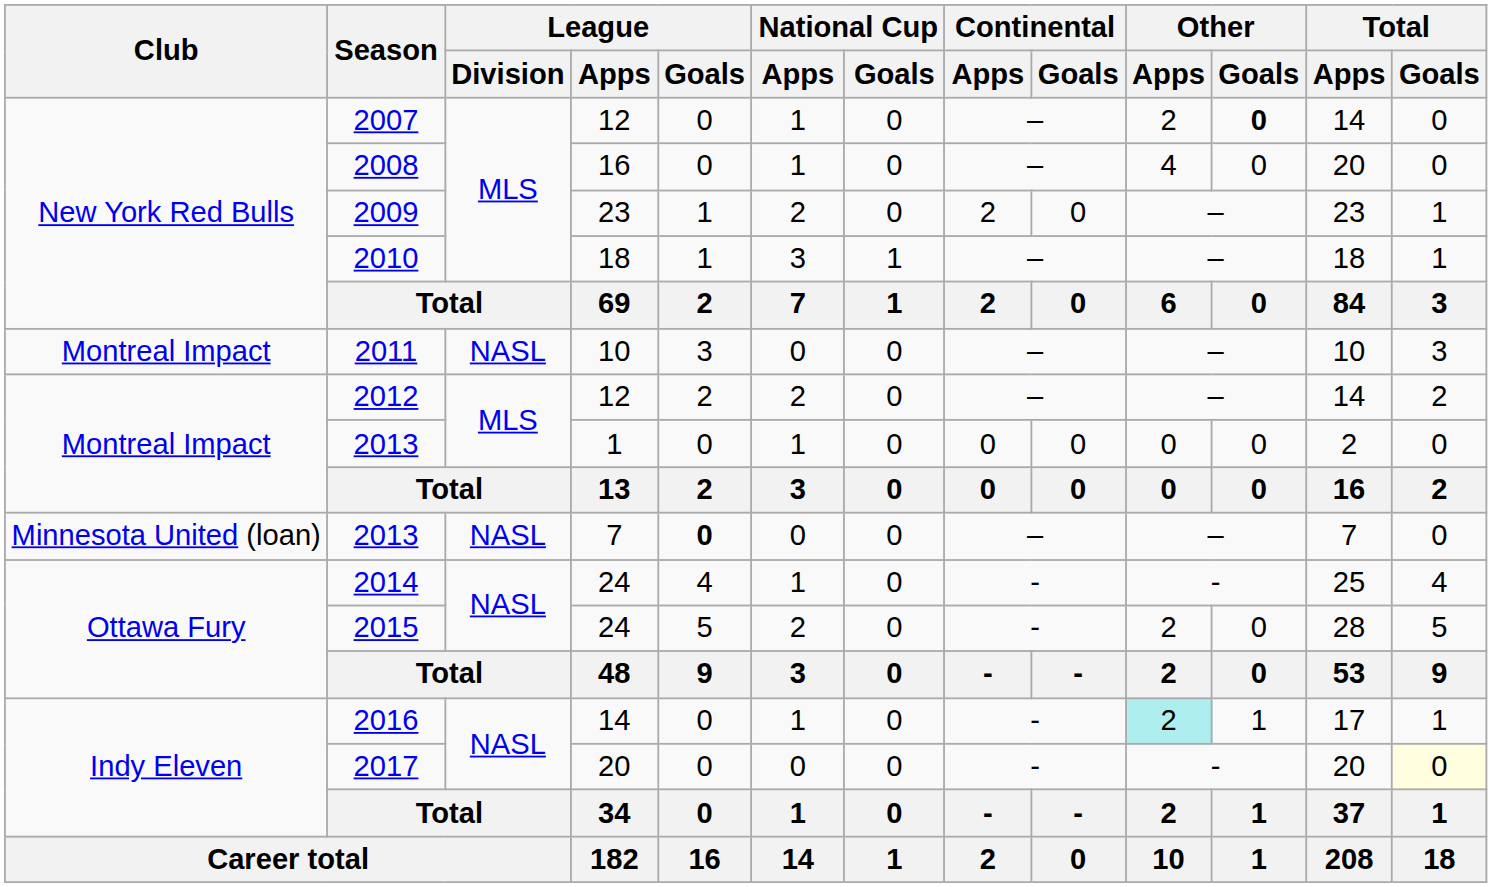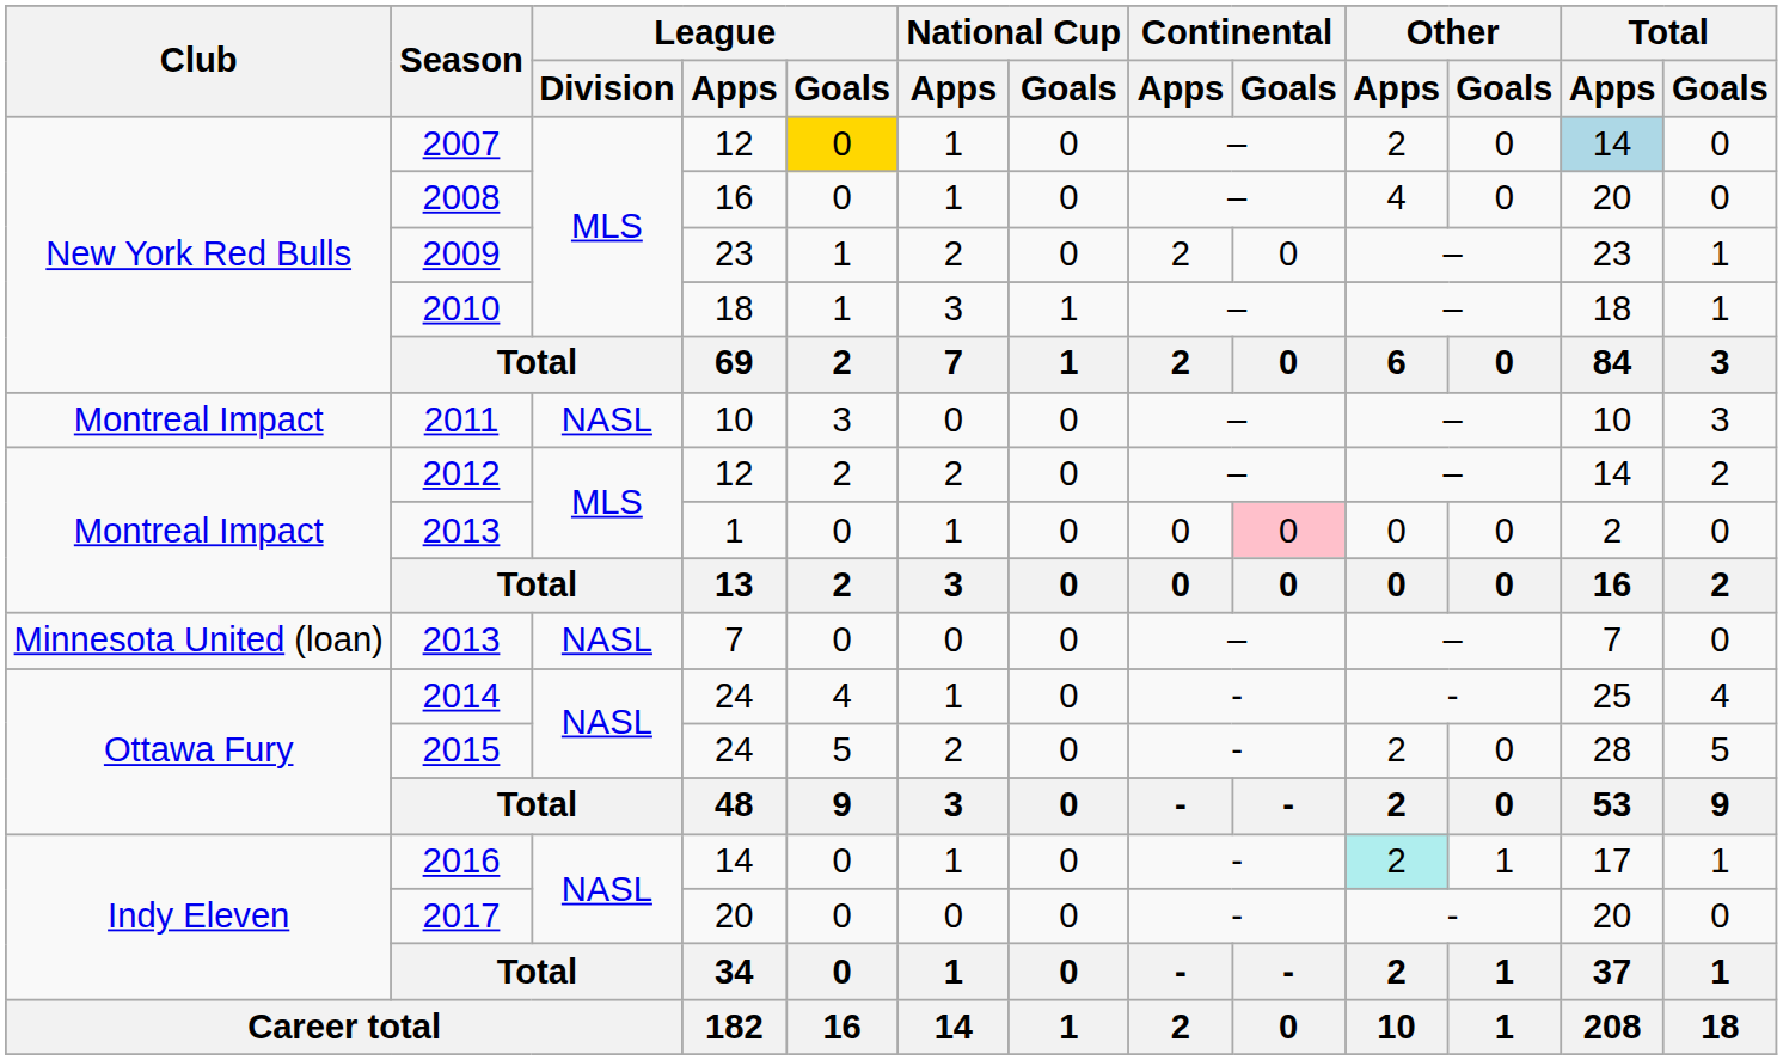 <table class="wikitable" style="text-align: center;">
 <tr>
 <th rowspan="2">Club</th>
 <th rowspan="2">Season</th>
 <th colspan="3">League</th>
 <th colspan="2">National Cup</th>
 <th colspan="2">Continental</th>
 <th colspan="2">Other</th>
 <th colspan="2">Total</th>
 </tr>
 <tr>
 <th>Division</th>
 <th>Apps</th>
 <th>Goals</th>
 <th>Apps</th>
 <th>Goals</th>
 <th>Apps</th>
 <th>Goals</th>
 <th>Apps</th>
 <th>Goals</th>
 <th>Apps</th>
 <th>Goals</th>
 </tr>
 <tr>
 <td rowspan="5" valign="center"><a href='#'>New York Red Bulls</a></td>
 <td><a href='#'>2007</a></td>
 <td rowspan="4" valign="center"><a href='#'>MLS</a></td>
 <td>12</td>
-<td>0</td>
+<td style="background: gold;">0</td>
 <td>1</td>
 <td>0</td>
 <td colspan="2">–</td>
 <td>2</td>
-<td><strong>0</strong></td>
-<td>14</td>
+<td>0</td>
+<td style="background: lightblue;">14</td>
 <td>0</td>
 </tr>
 <tr>
 <td><a href='#'>2008</a></td>
 <td>16</td>
 <td>0</td>
 <td>1</td>
 <td>0</td>
 <td colspan="2">–</td>
 <td>4</td>
 <td>0</td>
 <td>20</td>
 <td>0</td>
 </tr>
 <tr>
 <td><a href='#'>2009</a></td>
 <td>23</td>
 <td>1</td>
 <td>2</td>
 <td>0</td>
 <td>2</td>
 <td>0</td>
 <td colspan="2">–</td>
 <td>23</td>
 <td>1</td>
 </tr>
 <tr>
 <td><a href='#'>2010</a></td>
 <td>18</td>
 <td>1</td>
 <td>3</td>
 <td>1</td>
 <td colspan="2">–</td>
 <td colspan="2">–</td>
 <td>18</td>
 <td>1</td>
 </tr>
 <tr>
 <th colspan="2">Total</th>
 <th>69</th>
 <th>2</th>
 <th>7</th>
 <th>1</th>
 <th>2</th>
 <th>0</th>
 <th>6</th>
 <th>0</th>
 <th>84</th>
 <th>3</th>
 </tr>
 <tr>
 <td valign="center"><a href='#'>Montreal Impact</a></td>
 <td><a href='#'>2011</a></td>
 <td><a href='#'>NASL</a></td>
 <td>10</td>
 <td>3</td>
 <td>0</td>
 <td>0</td>
 <td colspan="2">–</td>
 <td colspan="2">–</td>
 <td>10</td>
 <td>3</td>
 </tr>
 <tr>
 <td rowspan="3" valign="center"><a href='#'>Montreal Impact</a></td>
 <td><a href='#'>2012</a></td>
 <td rowspan="2" valign="center"><a href='#'>MLS</a></td>
 <td>12</td>
 <td>2</td>
 <td>2</td>
 <td>0</td>
 <td colspan="2">–</td>
 <td colspan="2">–</td>
 <td>14</td>
 <td>2</td>
 </tr>
 <tr>
 <td><a href='#'>2013</a></td>
 <td>1</td>
 <td>0</td>
 <td>1</td>
 <td>0</td>
 <td>0</td>
-<td>0</td>
+<td style="background: pink;">0</td>
 <td>0</td>
 <td>0</td>
 <td>2</td>
 <td>0</td>
 </tr>
 <tr>
 <th colspan="2">Total</th>
 <th>13</th>
 <th>2</th>
 <th>3</th>
 <th>0</th>
 <th>0</th>
 <th>0</th>
 <th>0</th>
 <th>0</th>
 <th>16</th>
 <th>2</th>
 </tr>
 <tr>
 <td valign="center"><a href='#'>Minnesota United</a> (loan)</td>
 <td><a href='#'>2013</a></td>
 <td><a href='#'>NASL</a></td>
 <td>7</td>
-<td><strong>0</strong></td>
+<td>0</td>
 <td>0</td>
 <td>0</td>
 <td colspan="2">–</td>
 <td colspan="2">–</td>
 <td>7</td>
 <td>0</td>
 </tr>
 <tr>
 <td rowspan="3" valign="center"><a href='#'>Ottawa Fury</a></td>
 <td><a href='#'>2014</a></td>
 <td rowspan="2" valign="center"><a href='#'>NASL</a></td>
 <td>24</td>
 <td>4</td>
 <td>1</td>
 <td>0</td>
 <td colspan="2">-</td>
 <td colspan="2">-</td>
 <td>25</td>
 <td>4</td>
 </tr>
 <tr>
 <td><a href='#'>2015</a></td>
 <td>24</td>
 <td>5</td>
 <td>2</td>
 <td>0</td>
 <td colspan="2">-</td>
 <td>2</td>
 <td>0</td>
 <td>28</td>
 <td>5</td>
 </tr>
 <tr>
 <th colspan="2">Total</th>
 <th>48</th>
 <th>9</th>
 <th>3</th>
 <th>0</th>
 <th>-</th>
 <th>-</th>
 <th>2</th>
 <th>0</th>
 <th>53</th>
 <th>9</th>
 </tr>
 <tr>
 <td rowspan="3" valign="center"><a href='#'>Indy Eleven</a></td>
 <td><a href='#'>2016</a></td>
 <td rowspan="2" valign="center"><a href='#'>NASL</a></td>
 <td>14</td>
 <td>0</td>
 <td>1</td>
 <td>0</td>
 <td colspan="2">-</td>
 <td style="background: paleturquoise;">2</td>
 <td>1</td>
 <td>17</td>
 <td>1</td>
 </tr>
 <tr>
 <td><a href='#'>2017</a></td>
 <td>20</td>
 <td>0</td>
 <td>0</td>
 <td>0</td>
 <td colspan="2">-</td>
 <td colspan="2">-</td>
 <td>20</td>
-<td style="background: lightyellow;">0</td>
+<td>0</td>
 </tr>
 <tr>
 <th colspan="2">Total</th>
 <th>34</th>
 <th>0</th>
 <th>1</th>
 <th>0</th>
 <th>-</th>
 <th>-</th>
 <th>2</th>
 <th>1</th>
 <th>37</th>
 <th>1</th>
 </tr>
 <tr>
 <th colspan="3">Career total</th>
 <th>182</th>
 <th>16</th>
 <th>14</th>
 <th>1</th>
 <th>2</th>
 <th>0</th>
 <th>10</th>
 <th>1</th>
 <th>208</th>
 <th>18</th>
 </tr>
 </table>
